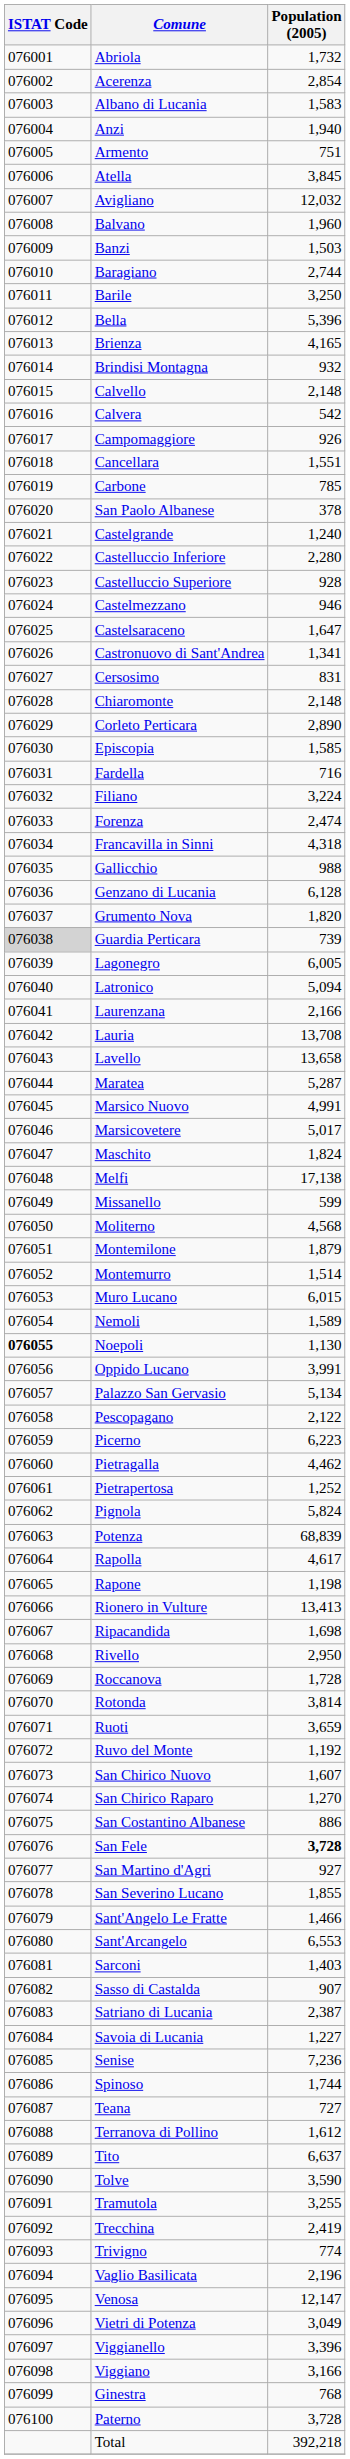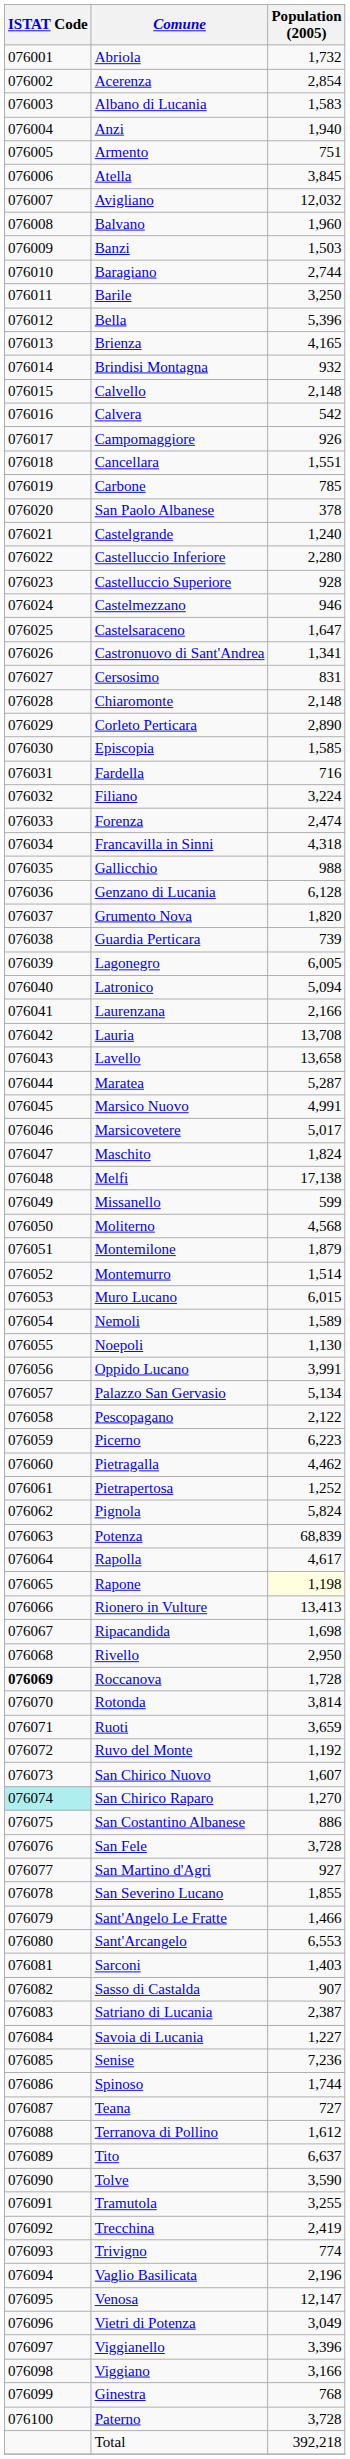 <table class="wikitable sortable">
 <tr>
 <th><a href='#'>ISTAT</a> Code</th>
 <th><em><a href='#'>Comune</a></em></th>
 <th>Population <br>(2005)</th>
 </tr>
 <tr>
 <td>076001</td>
 <td><a href='#'>Abriola</a></td>
 <td align="right">1,732</td>
 </tr>
 <tr>
 <td>076002</td>
 <td><a href='#'>Acerenza</a></td>
 <td align="right">2,854</td>
 </tr>
 <tr>
 <td>076003</td>
 <td><a href='#'>Albano di Lucania</a></td>
 <td align="right">1,583</td>
 </tr>
 <tr>
 <td>076004</td>
 <td><a href='#'>Anzi</a></td>
 <td align="right">1,940</td>
 </tr>
 <tr>
 <td>076005</td>
 <td><a href='#'>Armento</a></td>
 <td align="right">751</td>
 </tr>
 <tr>
 <td>076006</td>
 <td><a href='#'>Atella</a></td>
 <td align="right">3,845</td>
 </tr>
 <tr>
 <td>076007</td>
 <td><a href='#'>Avigliano</a></td>
 <td align="right">12,032</td>
 </tr>
 <tr>
 <td>076008</td>
 <td><a href='#'>Balvano</a></td>
 <td align="right">1,960</td>
 </tr>
 <tr>
 <td>076009</td>
 <td><a href='#'>Banzi</a></td>
 <td align="right">1,503</td>
 </tr>
 <tr>
 <td>076010</td>
 <td><a href='#'>Baragiano</a></td>
 <td align="right">2,744</td>
 </tr>
 <tr>
 <td>076011</td>
 <td><a href='#'>Barile</a></td>
 <td align="right">3,250</td>
 </tr>
 <tr>
 <td>076012</td>
 <td><a href='#'>Bella</a></td>
 <td align="right">5,396</td>
 </tr>
 <tr>
 <td>076013</td>
 <td><a href='#'>Brienza</a></td>
 <td align="right">4,165</td>
 </tr>
 <tr>
 <td>076014</td>
 <td><a href='#'>Brindisi Montagna</a></td>
 <td align="right">932</td>
 </tr>
 <tr>
 <td>076015</td>
 <td><a href='#'>Calvello</a></td>
 <td align="right">2,148</td>
 </tr>
 <tr>
 <td>076016</td>
 <td><a href='#'>Calvera</a></td>
 <td align="right">542</td>
 </tr>
 <tr>
 <td>076017</td>
 <td><a href='#'>Campomaggiore</a></td>
 <td align="right">926</td>
 </tr>
 <tr>
 <td>076018</td>
 <td><a href='#'>Cancellara</a></td>
 <td align="right">1,551</td>
 </tr>
 <tr>
 <td>076019</td>
 <td><a href='#'>Carbone</a></td>
 <td align="right">785</td>
 </tr>
 <tr>
 <td>076020</td>
 <td><a href='#'>San Paolo Albanese</a></td>
 <td align="right">378</td>
 </tr>
 <tr>
 <td>076021</td>
 <td><a href='#'>Castelgrande</a></td>
 <td align="right">1,240</td>
 </tr>
 <tr>
 <td>076022</td>
 <td><a href='#'>Castelluccio Inferiore</a></td>
 <td align="right">2,280</td>
 </tr>
 <tr>
 <td>076023</td>
 <td><a href='#'>Castelluccio Superiore</a></td>
 <td align="right">928</td>
 </tr>
 <tr>
 <td>076024</td>
 <td><a href='#'>Castelmezzano</a></td>
 <td align="right">946</td>
 </tr>
 <tr>
 <td>076025</td>
 <td><a href='#'>Castelsaraceno</a></td>
 <td align="right">1,647</td>
 </tr>
 <tr>
 <td>076026</td>
 <td><a href='#'>Castronuovo di Sant'Andrea</a></td>
 <td align="right">1,341</td>
 </tr>
 <tr>
 <td>076027</td>
 <td><a href='#'>Cersosimo</a></td>
 <td align="right">831</td>
 </tr>
 <tr>
 <td>076028</td>
 <td><a href='#'>Chiaromonte</a></td>
 <td align="right">2,148</td>
 </tr>
 <tr>
 <td>076029</td>
 <td><a href='#'>Corleto Perticara</a></td>
 <td align="right">2,890</td>
 </tr>
 <tr>
 <td>076030</td>
 <td><a href='#'>Episcopia</a></td>
 <td align="right">1,585</td>
 </tr>
 <tr>
 <td>076031</td>
 <td><a href='#'>Fardella</a></td>
 <td align="right">716</td>
 </tr>
 <tr>
 <td>076032</td>
 <td><a href='#'>Filiano</a></td>
 <td align="right">3,224</td>
 </tr>
 <tr>
 <td>076033</td>
 <td><a href='#'>Forenza</a></td>
 <td align="right">2,474</td>
 </tr>
 <tr>
 <td>076034</td>
 <td><a href='#'>Francavilla in Sinni</a></td>
 <td align="right">4,318</td>
 </tr>
 <tr>
 <td>076035</td>
 <td><a href='#'>Gallicchio</a></td>
 <td align="right">988</td>
 </tr>
 <tr>
 <td>076036</td>
 <td><a href='#'>Genzano di Lucania</a></td>
 <td align="right">6,128</td>
 </tr>
 <tr>
 <td>076037</td>
 <td><a href='#'>Grumento Nova</a></td>
 <td align="right">1,820</td>
 </tr>
 <tr>
-<td style="background: lightgrey;">076038</td>
+<td>076038</td>
 <td><a href='#'>Guardia Perticara</a></td>
 <td align="right">739</td>
 </tr>
 <tr>
 <td>076039</td>
 <td><a href='#'>Lagonegro</a></td>
 <td align="right">6,005</td>
 </tr>
 <tr>
 <td>076040</td>
 <td><a href='#'>Latronico</a></td>
 <td align="right">5,094</td>
 </tr>
 <tr>
 <td>076041</td>
 <td><a href='#'>Laurenzana</a></td>
 <td align="right">2,166</td>
 </tr>
 <tr>
 <td>076042</td>
 <td><a href='#'>Lauria</a></td>
 <td align="right">13,708</td>
 </tr>
 <tr>
 <td>076043</td>
 <td><a href='#'>Lavello</a></td>
 <td align="right">13,658</td>
 </tr>
 <tr>
 <td>076044</td>
 <td><a href='#'>Maratea</a></td>
 <td align="right">5,287</td>
 </tr>
 <tr>
 <td>076045</td>
 <td><a href='#'>Marsico Nuovo</a></td>
 <td align="right">4,991</td>
 </tr>
 <tr>
 <td>076046</td>
 <td><a href='#'>Marsicovetere</a></td>
 <td align="right">5,017</td>
 </tr>
 <tr>
 <td>076047</td>
 <td><a href='#'>Maschito</a></td>
 <td align="right">1,824</td>
 </tr>
 <tr>
 <td>076048</td>
 <td><a href='#'>Melfi</a></td>
 <td align="right">17,138</td>
 </tr>
 <tr>
 <td>076049</td>
 <td><a href='#'>Missanello</a></td>
 <td align="right">599</td>
 </tr>
 <tr>
 <td>076050</td>
 <td><a href='#'>Moliterno</a></td>
 <td align="right">4,568</td>
 </tr>
 <tr>
 <td>076051</td>
 <td><a href='#'>Montemilone</a></td>
 <td align="right">1,879</td>
 </tr>
 <tr>
 <td>076052</td>
 <td><a href='#'>Montemurro</a></td>
 <td align="right">1,514</td>
 </tr>
 <tr>
 <td>076053</td>
 <td><a href='#'>Muro Lucano</a></td>
 <td align="right">6,015</td>
 </tr>
 <tr>
 <td>076054</td>
 <td><a href='#'>Nemoli</a></td>
 <td align="right">1,589</td>
 </tr>
 <tr>
-<td><strong>076055</strong></td>
+<td>076055</td>
 <td><a href='#'>Noepoli</a></td>
 <td align="right">1,130</td>
 </tr>
 <tr>
 <td>076056</td>
 <td><a href='#'>Oppido Lucano</a></td>
 <td align="right">3,991</td>
 </tr>
 <tr>
 <td>076057</td>
 <td><a href='#'>Palazzo San Gervasio</a></td>
 <td align="right">5,134</td>
 </tr>
 <tr>
 <td>076058</td>
 <td><a href='#'>Pescopagano</a></td>
 <td align="right">2,122</td>
 </tr>
 <tr>
 <td>076059</td>
 <td><a href='#'>Picerno</a></td>
 <td align="right">6,223</td>
 </tr>
 <tr>
 <td>076060</td>
 <td><a href='#'>Pietragalla</a></td>
 <td align="right">4,462</td>
 </tr>
 <tr>
 <td>076061</td>
 <td><a href='#'>Pietrapertosa</a></td>
 <td align="right">1,252</td>
 </tr>
 <tr>
 <td>076062</td>
 <td><a href='#'>Pignola</a></td>
 <td align="right">5,824</td>
 </tr>
 <tr>
 <td>076063</td>
 <td><a href='#'>Potenza</a></td>
 <td align="right">68,839</td>
 </tr>
 <tr>
 <td>076064</td>
 <td><a href='#'>Rapolla</a></td>
 <td align="right">4,617</td>
 </tr>
 <tr>
 <td>076065</td>
 <td><a href='#'>Rapone</a></td>
-<td align="right">1,198</td>
+<td align="right" style="background: lightyellow;">1,198</td>
 </tr>
 <tr>
 <td>076066</td>
 <td><a href='#'>Rionero in Vulture</a></td>
 <td align="right">13,413</td>
 </tr>
 <tr>
 <td>076067</td>
 <td><a href='#'>Ripacandida</a></td>
 <td align="right">1,698</td>
 </tr>
 <tr>
 <td>076068</td>
 <td><a href='#'>Rivello</a></td>
 <td align="right">2,950</td>
 </tr>
 <tr>
-<td>076069</td>
+<td><strong>076069</strong></td>
 <td><a href='#'>Roccanova</a></td>
 <td align="right">1,728</td>
 </tr>
 <tr>
 <td>076070</td>
 <td><a href='#'>Rotonda</a></td>
 <td align="right">3,814</td>
 </tr>
 <tr>
 <td>076071</td>
 <td><a href='#'>Ruoti</a></td>
 <td align="right">3,659</td>
 </tr>
 <tr>
 <td>076072</td>
 <td><a href='#'>Ruvo del Monte</a></td>
 <td align="right">1,192</td>
 </tr>
 <tr>
 <td>076073</td>
 <td><a href='#'>San Chirico Nuovo</a></td>
 <td align="right">1,607</td>
 </tr>
 <tr>
-<td>076074</td>
+<td style="background: paleturquoise;">076074</td>
 <td><a href='#'>San Chirico Raparo</a></td>
 <td align="right">1,270</td>
 </tr>
 <tr>
 <td>076075</td>
 <td><a href='#'>San Costantino Albanese</a></td>
 <td align="right">886</td>
 </tr>
 <tr>
 <td>076076</td>
 <td><a href='#'>San Fele</a></td>
-<td align="right"><strong>3,728</strong></td>
+<td align="right">3,728</td>
 </tr>
 <tr>
 <td>076077</td>
 <td><a href='#'>San Martino d'Agri</a></td>
 <td align="right">927</td>
 </tr>
 <tr>
 <td>076078</td>
 <td><a href='#'>San Severino Lucano</a></td>
 <td align="right">1,855</td>
 </tr>
 <tr>
 <td>076079</td>
 <td><a href='#'>Sant'Angelo Le Fratte</a></td>
 <td align="right">1,466</td>
 </tr>
 <tr>
 <td>076080</td>
 <td><a href='#'>Sant'Arcangelo</a></td>
 <td align="right">6,553</td>
 </tr>
 <tr>
 <td>076081</td>
 <td><a href='#'>Sarconi</a></td>
 <td align="right">1,403</td>
 </tr>
 <tr>
 <td>076082</td>
 <td><a href='#'>Sasso di Castalda</a></td>
 <td align="right">907</td>
 </tr>
 <tr>
 <td>076083</td>
 <td><a href='#'>Satriano di Lucania</a></td>
 <td align="right">2,387</td>
 </tr>
 <tr>
 <td>076084</td>
 <td><a href='#'>Savoia di Lucania</a></td>
 <td align="right">1,227</td>
 </tr>
 <tr>
 <td>076085</td>
 <td><a href='#'>Senise</a></td>
 <td align="right">7,236</td>
 </tr>
 <tr>
 <td>076086</td>
 <td><a href='#'>Spinoso</a></td>
 <td align="right">1,744</td>
 </tr>
 <tr>
 <td>076087</td>
 <td><a href='#'>Teana</a></td>
 <td align="right">727</td>
 </tr>
 <tr>
 <td>076088</td>
 <td><a href='#'>Terranova di Pollino</a></td>
 <td align="right">1,612</td>
 </tr>
 <tr>
 <td>076089</td>
 <td><a href='#'>Tito</a></td>
 <td align="right">6,637</td>
 </tr>
 <tr>
 <td>076090</td>
 <td><a href='#'>Tolve</a></td>
 <td align="right">3,590</td>
 </tr>
 <tr>
 <td>076091</td>
 <td><a href='#'>Tramutola</a></td>
 <td align="right">3,255</td>
 </tr>
 <tr>
 <td>076092</td>
 <td><a href='#'>Trecchina</a></td>
 <td align="right">2,419</td>
 </tr>
 <tr>
 <td>076093</td>
 <td><a href='#'>Trivigno</a></td>
 <td align="right">774</td>
 </tr>
 <tr>
 <td>076094</td>
 <td><a href='#'>Vaglio Basilicata</a></td>
 <td align="right">2,196</td>
 </tr>
 <tr>
 <td>076095</td>
 <td><a href='#'>Venosa</a></td>
 <td align="right">12,147</td>
 </tr>
 <tr>
 <td>076096</td>
 <td><a href='#'>Vietri di Potenza</a></td>
 <td align="right">3,049</td>
 </tr>
 <tr>
 <td>076097</td>
 <td><a href='#'>Viggianello</a></td>
 <td align="right">3,396</td>
 </tr>
 <tr>
 <td>076098</td>
 <td><a href='#'>Viggiano</a></td>
 <td align="right">3,166</td>
 </tr>
 <tr>
 <td>076099</td>
 <td><a href='#'>Ginestra</a></td>
 <td align="right">768</td>
 </tr>
 <tr>
 <td>076100</td>
 <td><a href='#'>Paterno</a></td>
 <td align="right">3,728</td>
 </tr>
 <tr>
 <td></td>
 <td>Total</td>
 <td align="right">392,218</td>
 </tr>
 <tr>
 </tr>
 </table>
